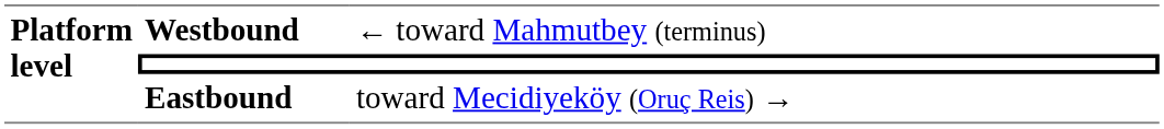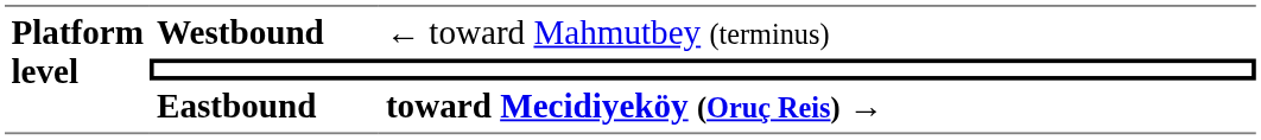 <table cellpadding="3" cellspacing="0" border="0">
 <tr>
 <td rowspan="3" width="50" style="border-top-color: gray; border-bottom-color: gray; border-top-width: 1px; border-bottom-width: 1px; border-top-style: solid; border-bottom-style: solid;" valign="top"><strong>Platform level</strong></td>
 <td width="100" style="border-top-color: gray; border-top-width: 1px; border-top-style: solid;"><strong>Westbound</strong></td>
 <td width="400" style="border-top-color: gray; border-top-width: 1px; border-top-style: solid;">←  toward <a href='#'>Mahmutbey</a> <small>(terminus)</small></td>
 </tr>
 <tr>
 <td colspan="2" style="border: 2px solid black; border-image: none; text-align: center;"></td>
 </tr>
 <tr>
 <td style="border-bottom-color: gray; border-bottom-width: 1px; border-bottom-style: solid;"><strong>Eastbound</strong></td>
-<td style="border-bottom-color: gray; border-bottom-width: 1px; border-bottom-style: solid;"> toward <a href='#'>Mecidiyeköy</a> <small>(<a href='#'>Oruç Reis</a>)</small> →</td>
+<td style="border-bottom-color: gray; border-bottom-width: 1px; border-bottom-style: solid;"><strong> toward <a href='#'>Mecidiyeköy</a> <small>(<a href='#'>Oruç Reis</a>)</small> →</strong></td>
 </tr>
 </table>
